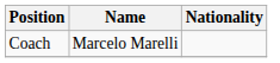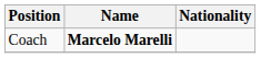 <table class="wikitable">
 <tr>
 <th>Position</th>
 <th>Name</th>
 <th>Nationality</th>
 </tr>
 <tr>
 <td>Coach</td>
-<td>Marcelo Marelli</td>
+<td><strong>Marcelo Marelli</strong></td>
 <td></td>
 </tr>
 <tr>
 </tr>
 </table>
